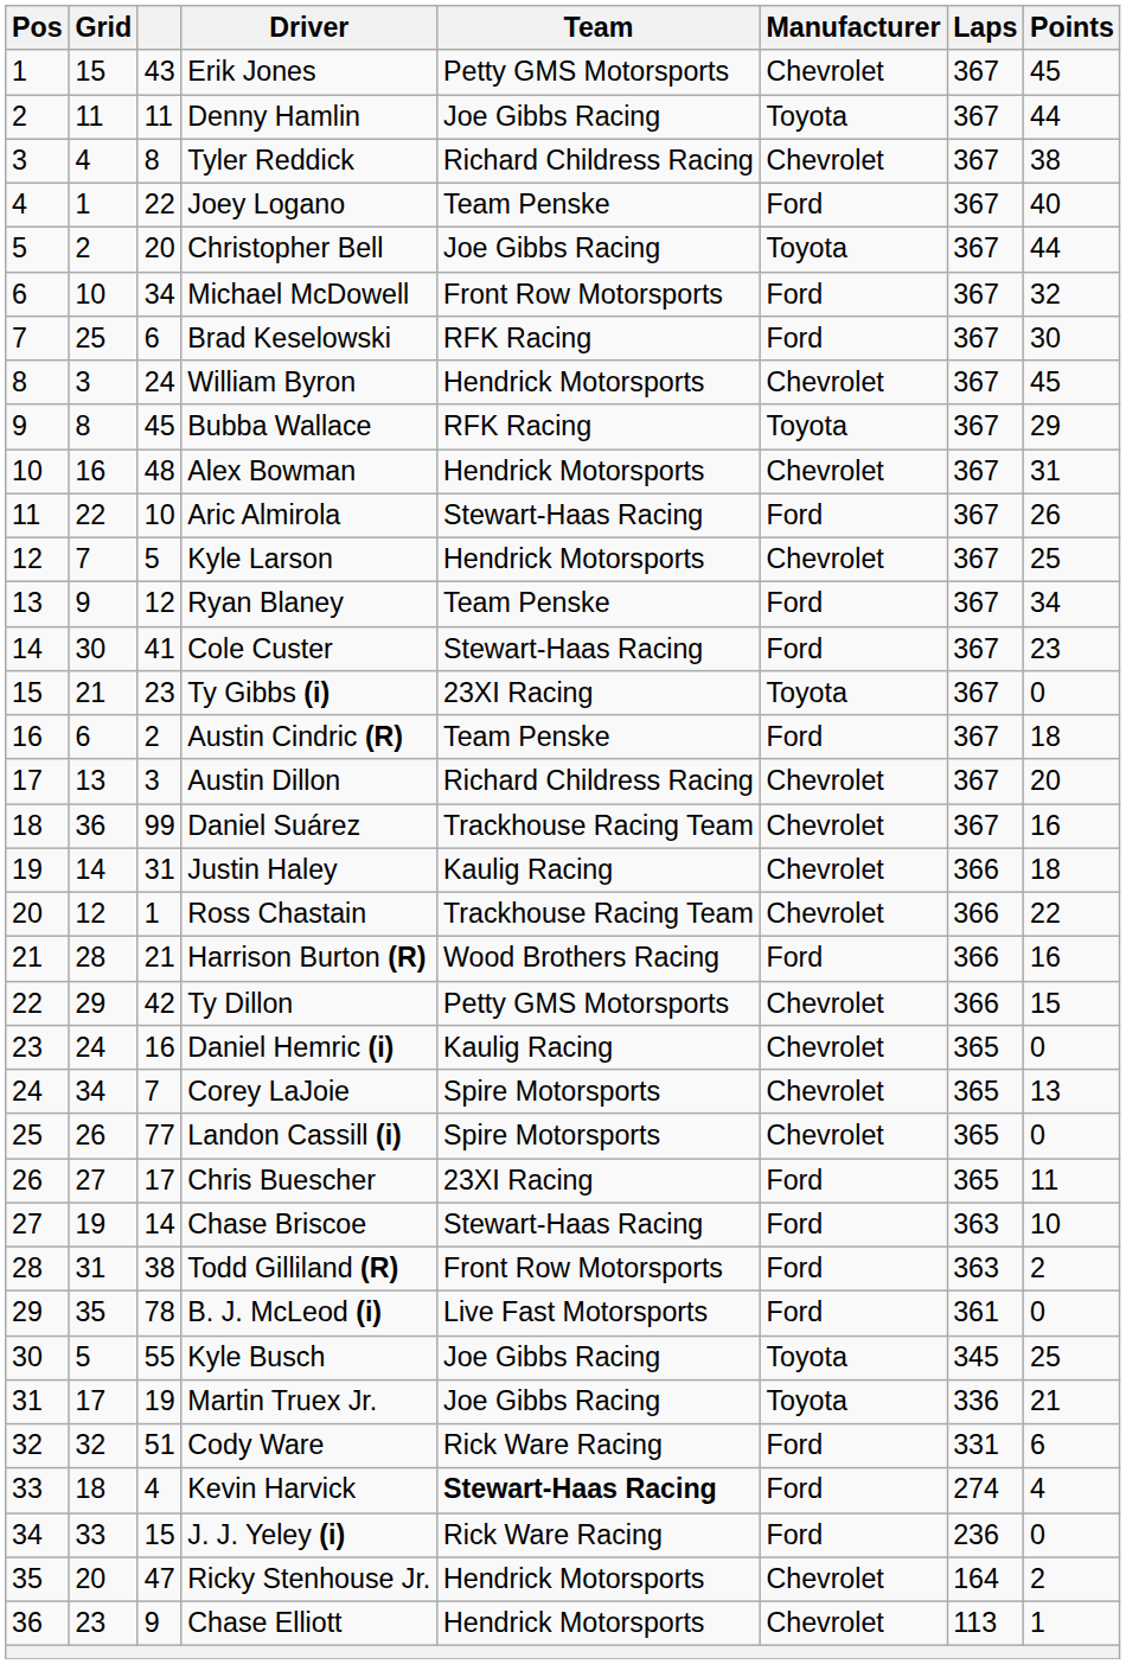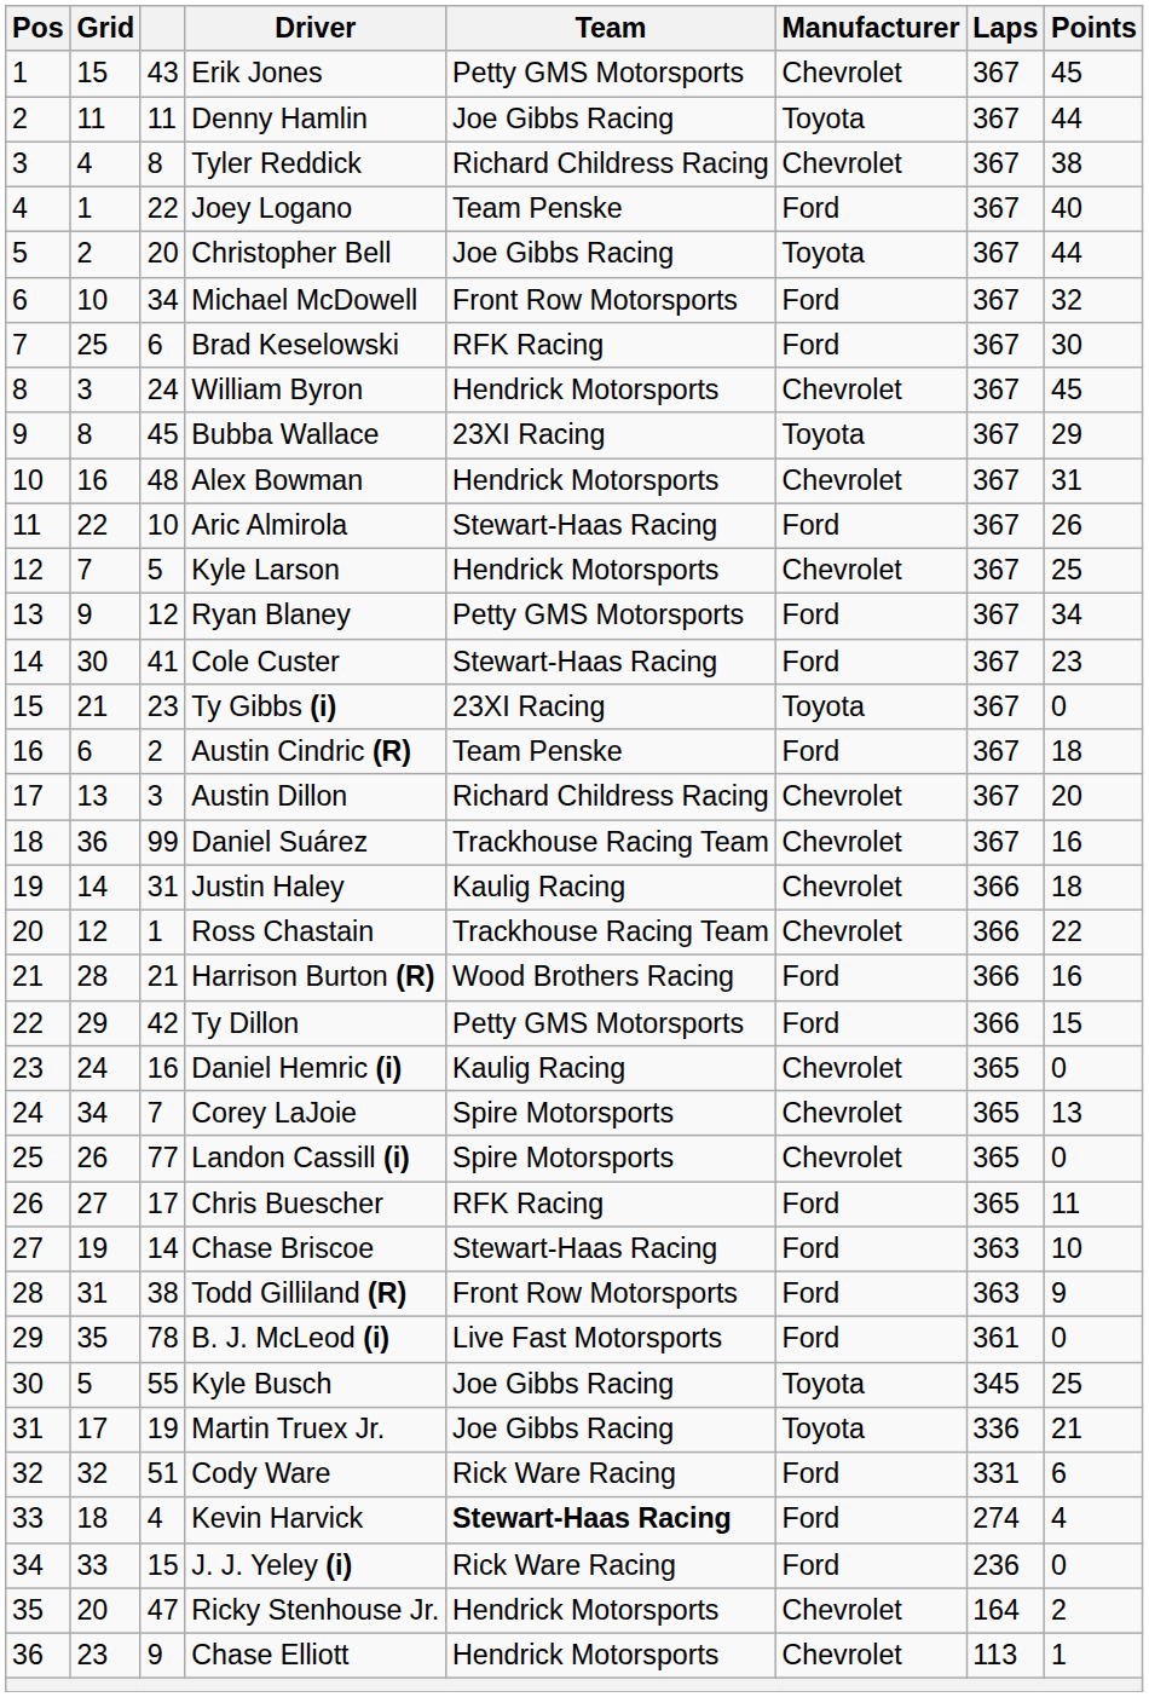 <table class="wikitable" style="font-size:98%">
 <tr>
 <th>Pos</th>
 <th>Grid</th>
 <th></th>
 <th>Driver</th>
 <th>Team</th>
 <th>Manufacturer</th>
 <th>Laps</th>
 <th>Points</th>
 </tr>
 <tr>
 <td>1</td>
 <td>15</td>
 <td>43</td>
 <td>Erik Jones</td>
 <td>Petty GMS Motorsports</td>
 <td>Chevrolet</td>
 <td>367</td>
 <td>45</td>
 </tr>
 <tr>
 <td>2</td>
 <td>11</td>
 <td>11</td>
 <td>Denny Hamlin</td>
 <td>Joe Gibbs Racing</td>
 <td>Toyota</td>
 <td>367</td>
 <td>44</td>
 </tr>
 <tr>
 <td>3</td>
 <td>4</td>
 <td>8</td>
 <td>Tyler Reddick</td>
 <td>Richard Childress Racing</td>
 <td>Chevrolet</td>
 <td>367</td>
 <td>38</td>
 </tr>
 <tr>
 <td>4</td>
 <td>1</td>
 <td>22</td>
 <td>Joey Logano</td>
 <td>Team Penske</td>
 <td>Ford</td>
 <td>367</td>
 <td>40</td>
 </tr>
 <tr>
 <td>5</td>
 <td>2</td>
 <td>20</td>
 <td>Christopher Bell</td>
 <td>Joe Gibbs Racing</td>
 <td>Toyota</td>
 <td>367</td>
 <td>44</td>
 </tr>
 <tr>
 <td>6</td>
 <td>10</td>
 <td>34</td>
 <td>Michael McDowell</td>
 <td>Front Row Motorsports</td>
 <td>Ford</td>
 <td>367</td>
 <td>32</td>
 </tr>
 <tr>
 <td>7</td>
 <td>25</td>
 <td>6</td>
 <td>Brad Keselowski</td>
 <td>RFK Racing</td>
 <td>Ford</td>
 <td>367</td>
 <td>30</td>
 </tr>
 <tr>
 <td>8</td>
 <td>3</td>
 <td>24</td>
 <td>William Byron</td>
 <td>Hendrick Motorsports</td>
 <td>Chevrolet</td>
 <td>367</td>
 <td>45</td>
 </tr>
 <tr>
 <td>9</td>
 <td>8</td>
 <td>45</td>
 <td>Bubba Wallace</td>
-<td>RFK Racing</td>
+<td>23XI Racing</td>
 <td>Toyota</td>
 <td>367</td>
 <td>29</td>
 </tr>
 <tr>
 <td>10</td>
 <td>16</td>
 <td>48</td>
 <td>Alex Bowman</td>
 <td>Hendrick Motorsports</td>
 <td>Chevrolet</td>
 <td>367</td>
 <td>31</td>
 </tr>
 <tr>
 <td>11</td>
 <td>22</td>
 <td>10</td>
 <td>Aric Almirola</td>
 <td>Stewart-Haas Racing</td>
 <td>Ford</td>
 <td>367</td>
 <td>26</td>
 </tr>
 <tr>
 <td>12</td>
 <td>7</td>
 <td>5</td>
 <td>Kyle Larson</td>
 <td>Hendrick Motorsports</td>
 <td>Chevrolet</td>
 <td>367</td>
 <td>25</td>
 </tr>
 <tr>
 <td>13</td>
 <td>9</td>
 <td>12</td>
 <td>Ryan Blaney</td>
-<td>Team Penske</td>
+<td>Petty GMS Motorsports</td>
 <td>Ford</td>
 <td>367</td>
 <td>34</td>
 </tr>
 <tr>
 <td>14</td>
 <td>30</td>
 <td>41</td>
 <td>Cole Custer</td>
 <td>Stewart-Haas Racing</td>
 <td>Ford</td>
 <td>367</td>
 <td>23</td>
 </tr>
 <tr>
 <td>15</td>
 <td>21</td>
 <td>23</td>
 <td>Ty Gibbs <strong>(i)</strong></td>
 <td>23XI Racing</td>
 <td>Toyota</td>
 <td>367</td>
 <td>0</td>
 </tr>
 <tr>
 <td>16</td>
 <td>6</td>
 <td>2</td>
 <td>Austin Cindric <strong>(R)</strong></td>
 <td>Team Penske</td>
 <td>Ford</td>
 <td>367</td>
 <td>18</td>
 </tr>
 <tr>
 <td>17</td>
 <td>13</td>
 <td>3</td>
 <td>Austin Dillon</td>
 <td>Richard Childress Racing</td>
 <td>Chevrolet</td>
 <td>367</td>
 <td>20</td>
 </tr>
 <tr>
 <td>18</td>
 <td>36</td>
 <td>99</td>
 <td>Daniel Suárez</td>
 <td>Trackhouse Racing Team</td>
 <td>Chevrolet</td>
 <td>367</td>
 <td>16</td>
 </tr>
 <tr>
 <td>19</td>
 <td>14</td>
 <td>31</td>
 <td>Justin Haley</td>
 <td>Kaulig Racing</td>
 <td>Chevrolet</td>
 <td>366</td>
 <td>18</td>
 </tr>
 <tr>
 <td>20</td>
 <td>12</td>
 <td>1</td>
 <td>Ross Chastain</td>
 <td>Trackhouse Racing Team</td>
 <td>Chevrolet</td>
 <td>366</td>
 <td>22</td>
 </tr>
 <tr>
 <td>21</td>
 <td>28</td>
 <td>21</td>
 <td>Harrison Burton <strong>(R)</strong></td>
 <td>Wood Brothers Racing</td>
 <td>Ford</td>
 <td>366</td>
 <td>16</td>
 </tr>
 <tr>
 <td>22</td>
 <td>29</td>
 <td>42</td>
 <td>Ty Dillon</td>
 <td>Petty GMS Motorsports</td>
-<td>Chevrolet</td>
+<td>Ford</td>
 <td>366</td>
 <td>15</td>
 </tr>
 <tr>
 <td>23</td>
 <td>24</td>
 <td>16</td>
 <td>Daniel Hemric <strong>(i)</strong></td>
 <td>Kaulig Racing</td>
 <td>Chevrolet</td>
 <td>365</td>
 <td>0</td>
 </tr>
 <tr>
 <td>24</td>
 <td>34</td>
 <td>7</td>
 <td>Corey LaJoie</td>
 <td>Spire Motorsports</td>
 <td>Chevrolet</td>
 <td>365</td>
 <td>13</td>
 </tr>
 <tr>
 <td>25</td>
 <td>26</td>
 <td>77</td>
 <td>Landon Cassill <strong>(i)</strong></td>
 <td>Spire Motorsports</td>
 <td>Chevrolet</td>
 <td>365</td>
 <td>0</td>
 </tr>
 <tr>
 <td>26</td>
 <td>27</td>
 <td>17</td>
 <td>Chris Buescher</td>
-<td>23XI Racing</td>
+<td>RFK Racing</td>
 <td>Ford</td>
 <td>365</td>
 <td>11</td>
 </tr>
 <tr>
 <td>27</td>
 <td>19</td>
 <td>14</td>
 <td>Chase Briscoe</td>
 <td>Stewart-Haas Racing</td>
 <td>Ford</td>
 <td>363</td>
 <td>10</td>
 </tr>
 <tr>
 <td>28</td>
 <td>31</td>
 <td>38</td>
 <td>Todd Gilliland <strong>(R)</strong></td>
 <td>Front Row Motorsports</td>
 <td>Ford</td>
 <td>363</td>
-<td>2</td>
+<td>9</td>
 </tr>
 <tr>
 <td>29</td>
 <td>35</td>
 <td>78</td>
 <td>B. J. McLeod <strong>(i)</strong></td>
 <td>Live Fast Motorsports</td>
 <td>Ford</td>
 <td>361</td>
 <td>0</td>
 </tr>
 <tr>
 <td>30</td>
 <td>5</td>
 <td>55</td>
 <td>Kyle Busch</td>
 <td>Joe Gibbs Racing</td>
 <td>Toyota</td>
 <td>345</td>
 <td>25</td>
 </tr>
 <tr>
 <td>31</td>
 <td>17</td>
 <td>19</td>
 <td>Martin Truex Jr.</td>
 <td>Joe Gibbs Racing</td>
 <td>Toyota</td>
 <td>336</td>
 <td>21</td>
 </tr>
 <tr>
 <td>32</td>
 <td>32</td>
 <td>51</td>
 <td>Cody Ware</td>
 <td>Rick Ware Racing</td>
 <td>Ford</td>
 <td>331</td>
 <td>6</td>
 </tr>
 <tr>
 <td>33</td>
 <td>18</td>
 <td>4</td>
 <td>Kevin Harvick</td>
 <td><strong>Stewart-Haas Racing</strong></td>
 <td>Ford</td>
 <td>274</td>
 <td>4</td>
 </tr>
 <tr>
 <td>34</td>
 <td>33</td>
 <td>15</td>
 <td>J. J. Yeley <strong>(i)</strong></td>
 <td>Rick Ware Racing</td>
 <td>Ford</td>
 <td>236</td>
 <td>0</td>
 </tr>
 <tr>
 <td>35</td>
 <td>20</td>
 <td>47</td>
 <td>Ricky Stenhouse Jr.</td>
 <td>Hendrick Motorsports</td>
 <td>Chevrolet</td>
 <td>164</td>
 <td>2</td>
 </tr>
 <tr>
 <td>36</td>
 <td>23</td>
 <td>9</td>
 <td>Chase Elliott</td>
 <td>Hendrick Motorsports</td>
 <td>Chevrolet</td>
 <td>113</td>
 <td>1</td>
 </tr>
 <tr>
 <th colspan="8"></th>
 </tr>
 </table>
